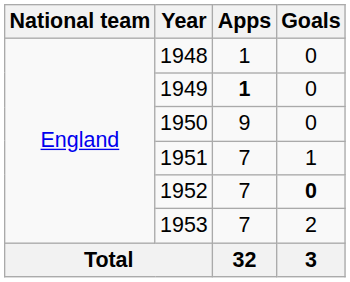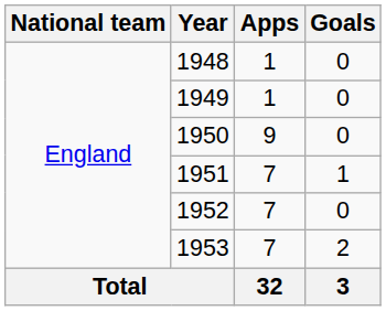 <table class="wikitable" style="text-align:center">
 <tr>
 <th>National team</th>
 <th>Year</th>
 <th>Apps</th>
 <th>Goals</th>
 </tr>
 <tr>
 <td rowspan=6><a href='#'>England</a></td>
 <td>1948</td>
 <td>1</td>
 <td>0</td>
 </tr>
 <tr>
 <td>1949</td>
-<td><strong>1</strong></td>
+<td>1</td>
 <td>0</td>
 </tr>
 <tr>
 <td>1950</td>
 <td>9</td>
 <td>0</td>
 </tr>
 <tr>
 <td>1951</td>
 <td>7</td>
 <td>1</td>
 </tr>
 <tr>
 <td>1952</td>
 <td>7</td>
-<td><strong>0</strong></td>
+<td>0</td>
 </tr>
 <tr>
 <td>1953</td>
 <td>7</td>
 <td>2</td>
 </tr>
 <tr>
 <th colspan="2">Total</th>
 <th>32</th>
 <th>3</th>
 </tr>
 </table>
